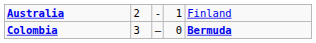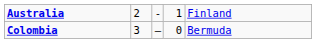 <table class="wikitable">
 <tr>
 <td width=150> <strong><a href='#'>Australia</a></strong></td>
 <td style="width:20px; text-align:left;">2</td>
 <td>-</td>
 <td style="width:20px; text-align:right;">1</td>
 <td width=150> <a href='#'>Finland</a></td>
 </tr>
 <tr>
 <td> <strong><a href='#'>Colombia</a></strong></td>
 <td style="text-align:left;">3</td>
 <td>–</td>
 <td style="text-align:right;">0</td>
-<td><strong> <a href='#'>Bermuda</a></strong></td>
+<td> <a href='#'>Bermuda</a></td>
 </tr>
 </table>
